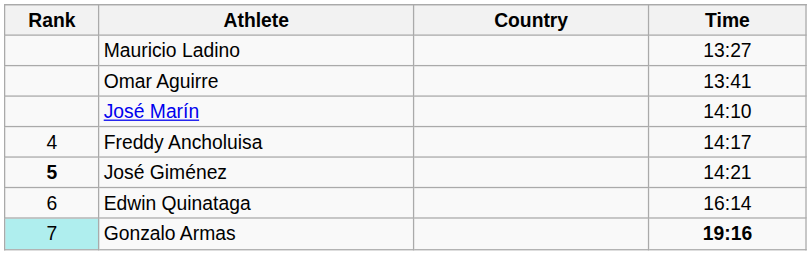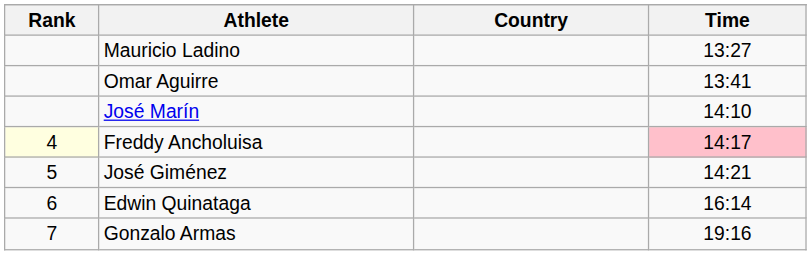 <table class="wikitable sortable" style=" text-align:center; font-size:95%;" width="50%">
 <tr>
 </tr>
 <tr>
 <th width=5%>Rank</th>
 <th width=20%>Athlete</th>
 <th width=15%>Country</th>
 <th width=10%>Time</th>
 </tr>
 <tr>
 <td align=center></td>
 <td align=left>Mauricio Ladino</td>
 <td align=left></td>
 <td>13:27</td>
 </tr>
 <tr>
 <td align=center></td>
 <td align=left>Omar Aguirre</td>
 <td align=left></td>
 <td>13:41</td>
 </tr>
 <tr>
 <td align=center></td>
 <td align=left><a href='#'>José Marín</a></td>
 <td align=left></td>
 <td>14:10</td>
 </tr>
 <tr>
-<td align=center>4</td>
+<td align=center style="background: lightyellow;">4</td>
 <td align=left>Freddy Ancholuisa</td>
 <td align=left></td>
-<td>14:17</td>
+<td style="background: pink;">14:17</td>
 </tr>
 <tr>
-<td align=center><strong>5</strong></td>
+<td align=center>5</td>
 <td align=left>José Giménez</td>
 <td align=left></td>
 <td>14:21</td>
 </tr>
 <tr>
 <td align=center>6</td>
 <td align=left>Edwin Quinataga</td>
 <td align=left></td>
 <td>16:14</td>
 </tr>
 <tr>
-<td align=center style="background: paleturquoise;">7</td>
+<td align=center>7</td>
 <td align=left>Gonzalo Armas</td>
 <td align=left></td>
-<td><strong>19:16</strong></td>
+<td>19:16</td>
 </tr>
 </table>
